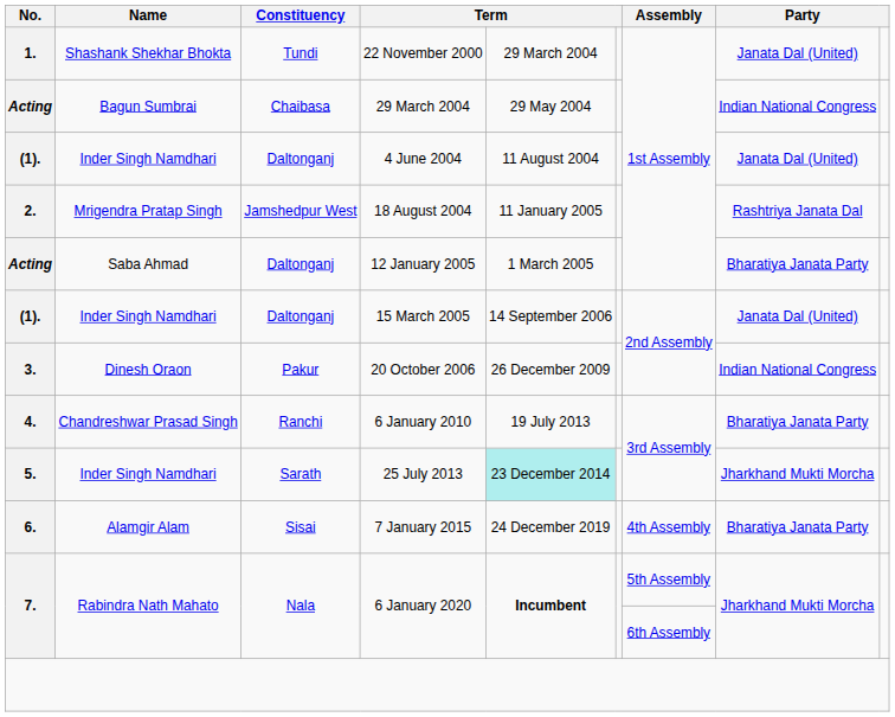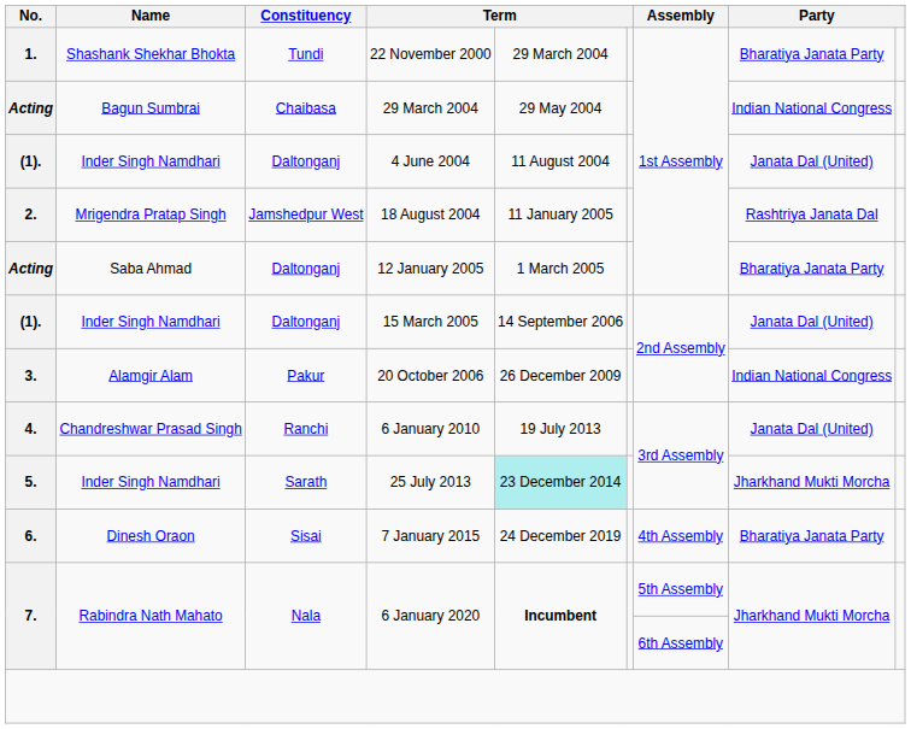 <table class="wikitable sortable">
 <tr>
 <th scope=col>No.</th>
 <th scope=col>Name</th>
 <th><a href='#'>Constituency</a></th>
 <th colspan="3" scope="col">Term</th>
 <th>Assembly</th>
 <th colspan="2" scope="col">Party</th>
 </tr>
 <tr style="text-align:center; height:60px;">
 <th>1.</th>
 <td><a href='#'>Shashank Shekhar Bhokta</a></td>
 <td><a href='#'>Tundi</a></td>
 <td>22 November 2000</td>
 <td>29 March 2004</td>
 <td></td>
 <td rowspan="5"><a href='#'>1st Assembly</a></td>
-<td><a href='#'>Janata Dal (United)</a></td>
+<td><a href='#'>Bharatiya Janata Party</a></td>
 <td width="4px" style="background-color: "></td>
 </tr>
 <tr style="text-align:center; height:60px;">
 <th><em>Acting</em></th>
 <td><a href='#'>Bagun Sumbrai</a></td>
 <td><a href='#'>Chaibasa</a></td>
 <td>29 March 2004</td>
 <td>29 May 2004</td>
 <td></td>
 <td><a href='#'>Indian National Congress</a></td>
 <td width="4px" style="background-color: "></td>
 </tr>
 <tr style="text-align:center; height:60px;">
 <th>(1).</th>
 <td><a href='#'>Inder Singh Namdhari</a></td>
 <td><a href='#'>Daltonganj</a></td>
 <td>4 June 2004</td>
 <td>11 August 2004</td>
 <td></td>
 <td><a href='#'>Janata Dal (United)</a></td>
 <td width="4px" style="background-color: "></td>
 </tr>
 <tr style="text-align:center; height:60px;">
 <th>2.</th>
 <td><a href='#'>Mrigendra Pratap Singh</a></td>
 <td><a href='#'>Jamshedpur West</a></td>
 <td>18 August 2004</td>
 <td>11 January 2005</td>
 <td></td>
 <td><a href='#'>Rashtriya Janata Dal</a></td>
 <td width="4px" style="background-color: "></td>
 </tr>
 <tr style="text-align:center; height:60px;">
 <th><em>Acting</em></th>
 <td>Saba Ahmad</td>
 <td><a href='#'>Daltonganj</a></td>
 <td>12 January 2005</td>
 <td>1 March 2005</td>
 <td></td>
 <td><a href='#'>Bharatiya Janata Party</a></td>
 <td width="4px" style="background-color: "></td>
 </tr>
 <tr style="text-align:center; height:60px;">
 <th>(1).</th>
 <td><a href='#'>Inder Singh Namdhari</a></td>
 <td><a href='#'>Daltonganj</a></td>
 <td>15 March 2005</td>
 <td>14 September 2006</td>
 <td></td>
 <td rowspan="2"><a href='#'>2nd Assembly</a></td>
 <td><a href='#'>Janata Dal (United)</a></td>
 <td width="4px" style="background-color: "></td>
 </tr>
 <tr style="text-align:center; height:60px;">
 <th>3.</th>
-<td><a href='#'>Dinesh Oraon</a></td>
+<td><a href='#'>Alamgir Alam</a></td>
 <td><a href='#'>Pakur</a></td>
 <td>20 October 2006</td>
 <td>26 December 2009</td>
 <td></td>
 <td><a href='#'>Indian National Congress</a></td>
 <td width="4px" style="background-color: "></td>
 </tr>
 <tr style="text-align:center; height:60px;">
 <th>4.</th>
 <td><a href='#'>Chandreshwar Prasad Singh</a></td>
 <td><a href='#'>Ranchi</a></td>
 <td>6 January 2010</td>
 <td>19 July 2013</td>
 <td></td>
 <td rowspan="2"><a href='#'>3rd Assembly</a></td>
-<td><a href='#'>Bharatiya Janata Party</a></td>
+<td><a href='#'>Janata Dal (United)</a></td>
 <td width="4px" style="background-color: "></td>
 </tr>
 <tr style="text-align:center; height:60px;">
 <th>5.</th>
 <td><a href='#'>Inder Singh Namdhari</a></td>
 <td><a href='#'>Sarath</a></td>
 <td>25 July 2013</td>
 <td style="background: paleturquoise;">23 December 2014</td>
 <td></td>
 <td><a href='#'>Jharkhand Mukti Morcha</a></td>
 <td width="4px" style="background-color: "></td>
 </tr>
 <tr style="text-align:center; height:60px;">
 <th>6.</th>
-<td><a href='#'>Alamgir Alam</a></td>
+<td><a href='#'>Dinesh Oraon</a></td>
 <td><a href='#'>Sisai</a></td>
 <td>7 January 2015</td>
 <td>24 December 2019</td>
 <td></td>
 <td><a href='#'>4th Assembly</a></td>
 <td><a href='#'>Bharatiya Janata Party</a></td>
 <td width="4px" style="background-color: "></td>
 </tr>
 <tr style="text-align:center; height:60px;">
 <th rowspan =2>7.</th>
 <td rowspan =2><a href='#'>Rabindra Nath Mahato</a></td>
 <td rowspan=2><a href='#'>Nala</a></td>
 <td rowspan=2>6 January 2020</td>
 <td rowspan =2><strong>Incumbent</strong></td>
 <td rowspan=2><strong></strong></td>
 <td><a href='#'>5th Assembly</a></td>
 <td rowspan=2><a href='#'>Jharkhand Mukti Morcha</a></td>
 <td rowspan=2 width="4px" style="background-color: "></td>
 </tr>
 <tr style="text-align:center; height:60px;">
 <td><a href='#'>6th Assembly</a></td>
 </tr>
 <tr style="text-align:center; height:60px;">
 </tr>
 </table>
